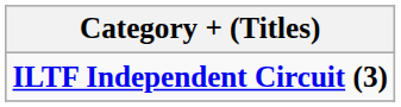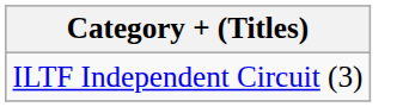 <table class="wikitable" style="display:inline-table;">
 <tr style="background:#ffc;">
 <th>Category + (Titles)</th>
 </tr>
 <tr>
-<td><strong><a href='#'>ILTF Independent Circuit</a> (3)</strong></td>
+<td><a href='#'>ILTF Independent Circuit</a> (3)</td>
 </tr>
 </table>
